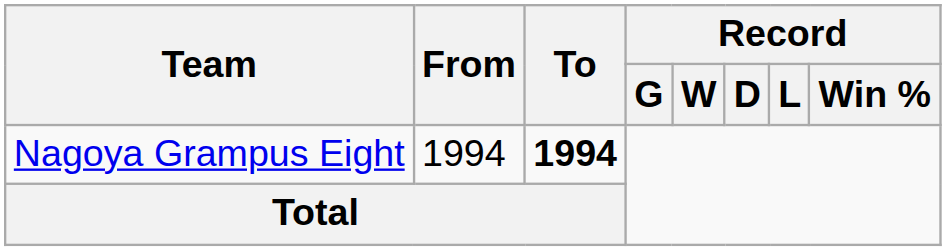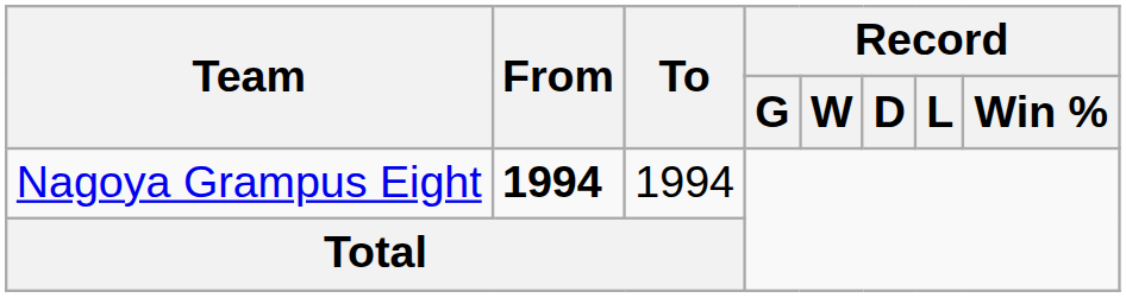 <table class="wikitable" style="text-align: center">
 <tr>
 <th rowspan=2>Team</th>
 <th rowspan=2>From</th>
 <th rowspan=2>To</th>
 <th colspan=5>Record</th>
 </tr>
 <tr>
 <th>G</th>
 <th>W</th>
 <th>D</th>
 <th>L</th>
 <th>Win %</th>
 </tr>
 <tr>
 <td align=left><a href='#'>Nagoya Grampus Eight</a></td>
-<td align=left>1994</td>
-<td align=left><strong>1994<br></strong></td>
+<td align=left><strong>1994</strong></td>
+<td align=left>1994<br></td>
 </tr>
 <tr>
 <th colspan=3>Total<br></th>
 </tr>
 </table>
